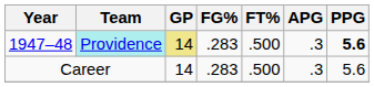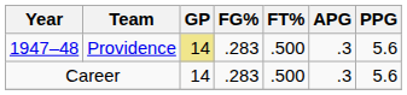 <table class="wikitable sortable" style="font-size:95%; text-align:right;">
 <tr>
 <th>Year</th>
 <th>Team</th>
 <th>GP</th>
 <th>FG%</th>
 <th>FT%</th>
 <th>APG</th>
 <th>PPG</th>
 </tr>
 <tr>
 <td style="text-align:left;"><a href='#'>1947–48</a></td>
-<td style="background: paleturquoise; text-align:left;"><a href='#'>Providence</a></td>
+<td style="text-align:left;"><a href='#'>Providence</a></td>
 <td style="background: khaki;">14</td>
 <td>.283</td>
 <td>.500</td>
 <td>.3</td>
-<td><strong>5.6</strong></td>
+<td>5.6</td>
 </tr>
 <tr>
 <td style="text-align:center;" colspan="2">Career</td>
 <td>14</td>
 <td>.283</td>
 <td>.500</td>
 <td>.3</td>
 <td>5.6</td>
 </tr>
 <tr>
 </tr>
 </table>
